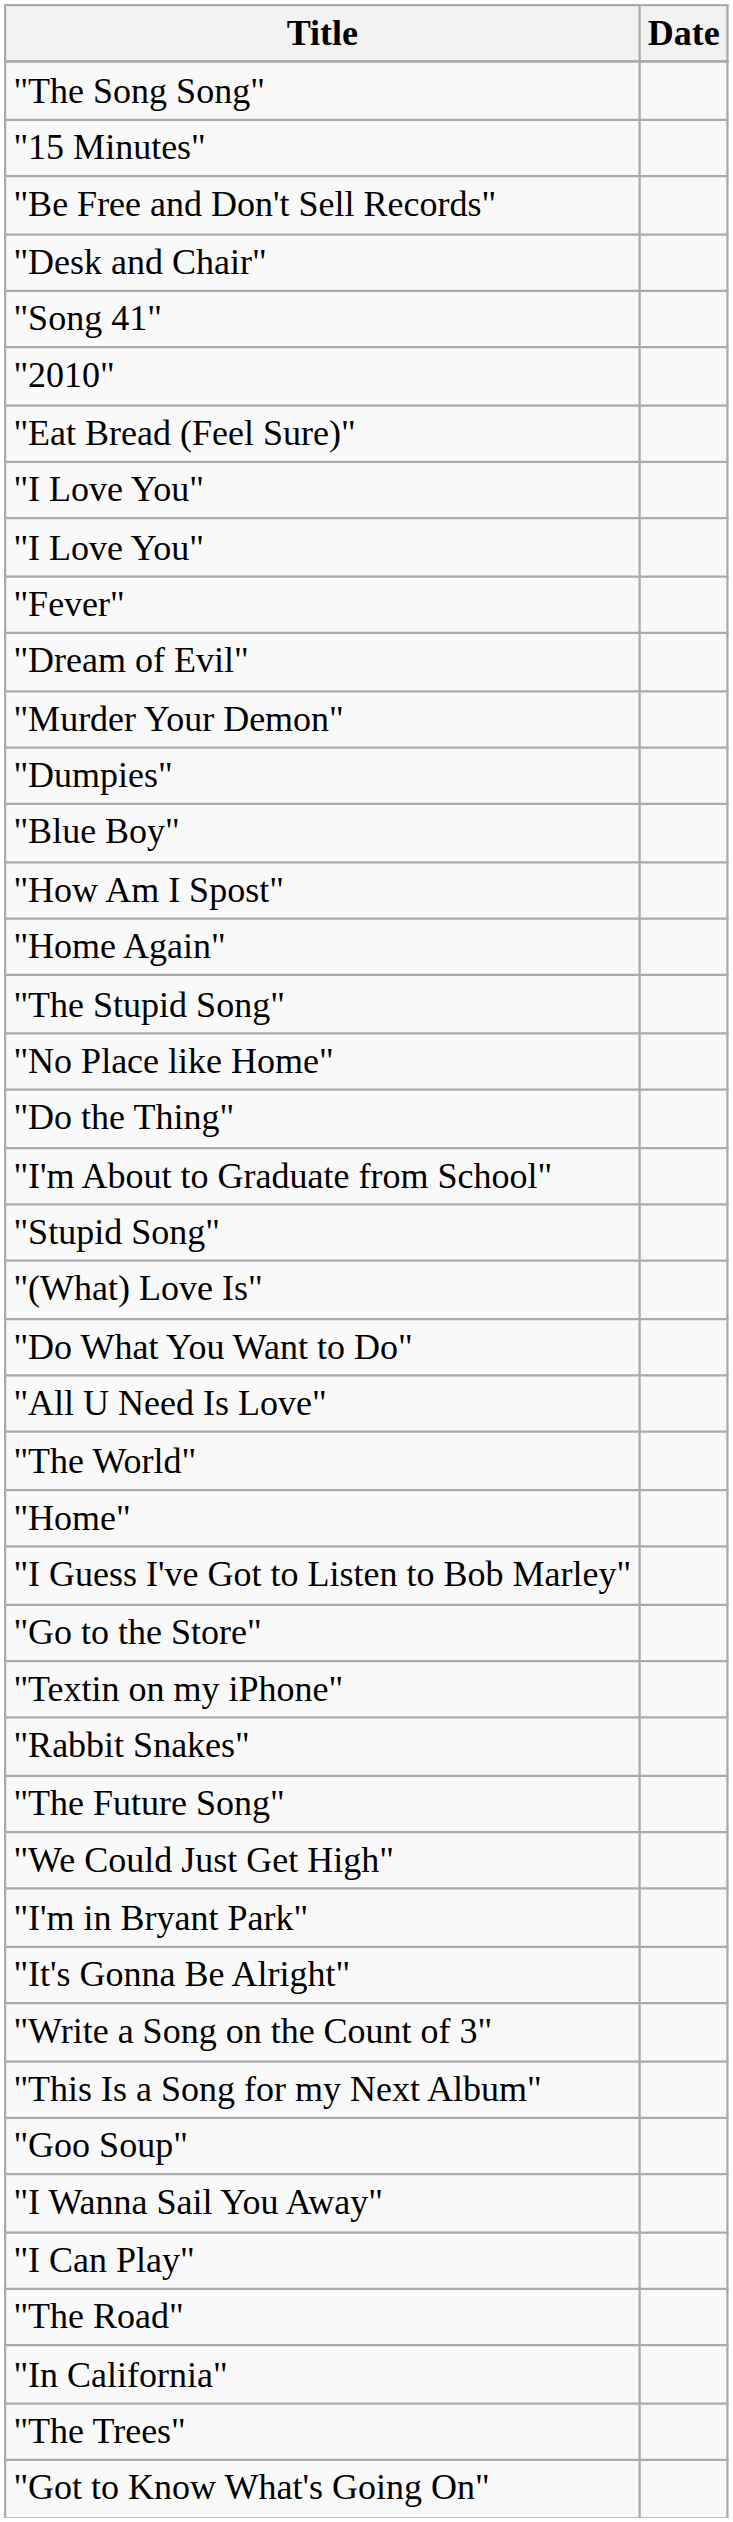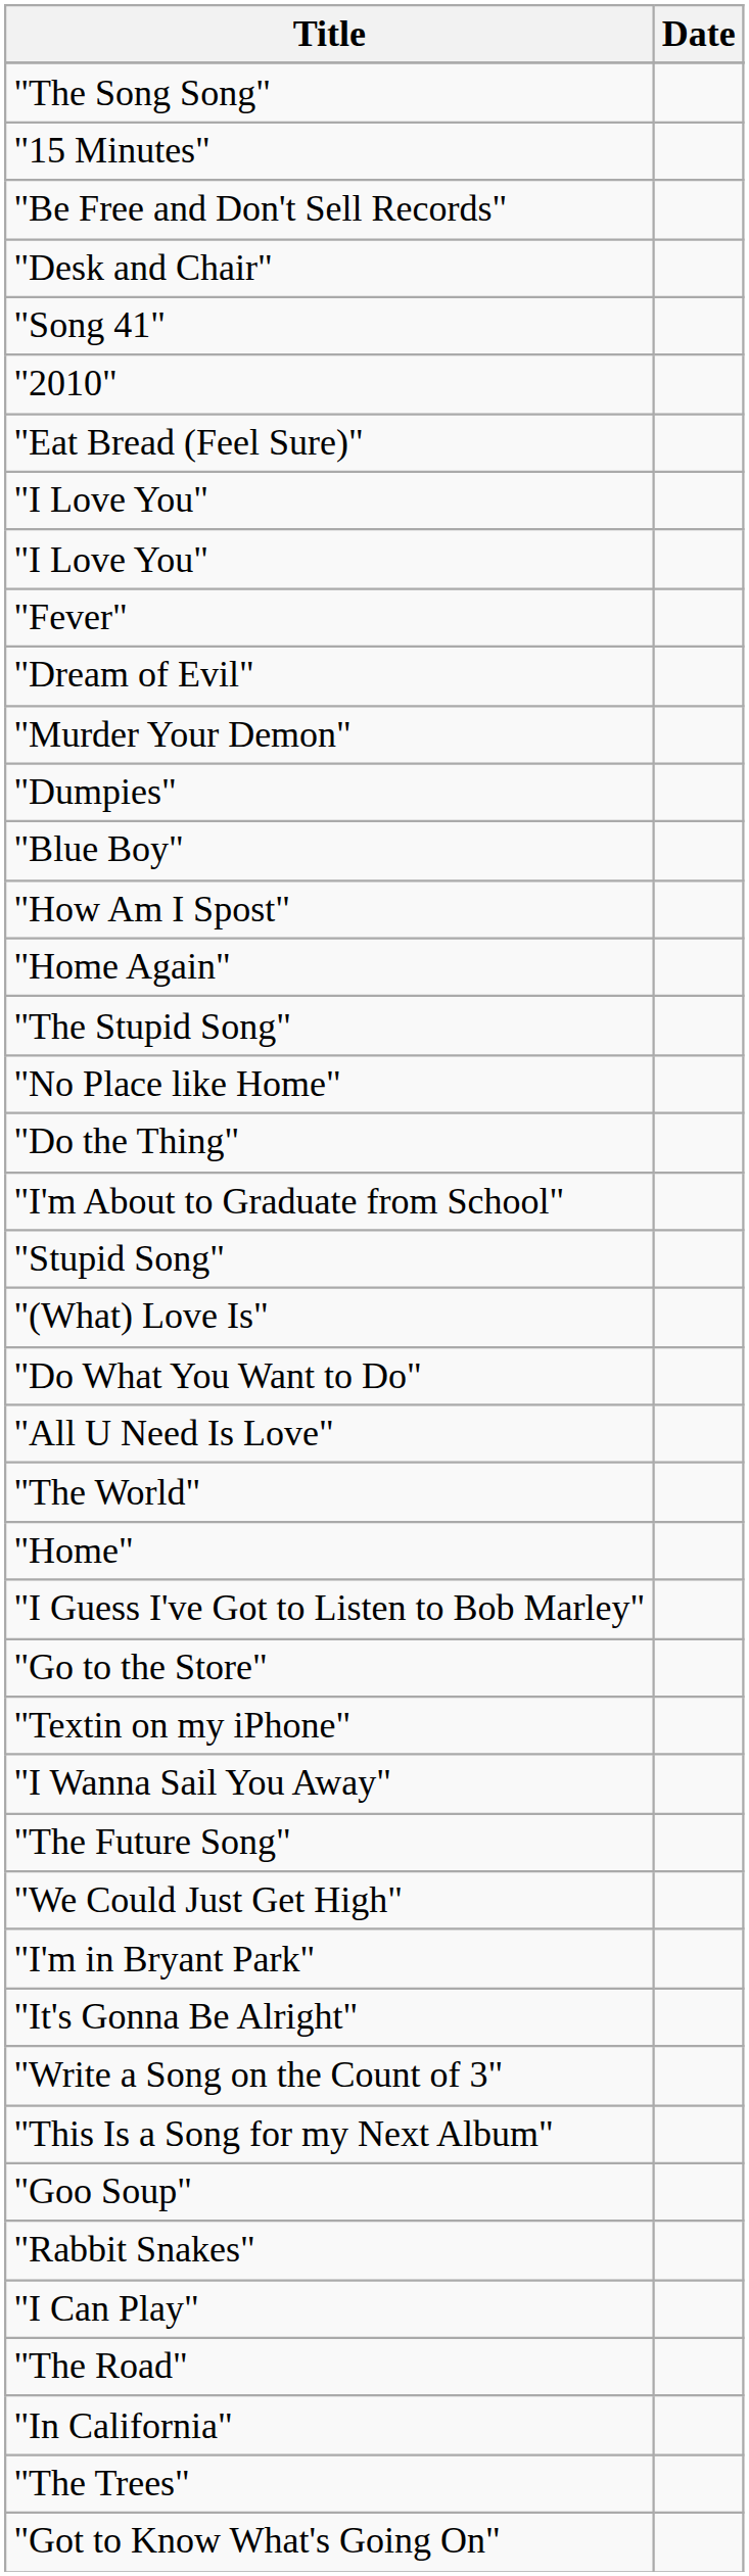 <table class="wikitable sortable mw-collapsible autocollapse">
 <tr>
 <th>Title</th>
 <th>Date</th>
 </tr>
 <tr>
 </tr>
 <tr>
 <td>"The Song Song"</td>
 <td></td>
 </tr>
 <tr>
 <td>"15 Minutes"</td>
 <td></td>
 </tr>
 <tr>
 <td>"Be Free and Don't Sell Records"</td>
 <td></td>
 </tr>
 <tr>
 <td>"Desk and Chair"</td>
 <td></td>
 </tr>
 <tr>
 <td>"Song 41"</td>
 <td></td>
 </tr>
 <tr>
 <td>"2010"</td>
 <td></td>
 </tr>
 <tr>
 <td>"Eat Bread (Feel Sure)"</td>
 <td></td>
 </tr>
 <tr>
 <td>"I Love You"</td>
 <td></td>
 </tr>
 <tr>
 <td>"I Love You"</td>
 <td></td>
 </tr>
 <tr>
 <td>"Fever"</td>
 <td></td>
 </tr>
 <tr>
 <td>"Dream of Evil"</td>
 <td></td>
 </tr>
 <tr>
 <td>"Murder Your Demon"</td>
 <td></td>
 </tr>
 <tr>
 <td>"Dumpies"</td>
 <td></td>
 </tr>
 <tr>
 <td>"Blue Boy"</td>
 <td></td>
 </tr>
 <tr>
 <td>"How Am I Spost"</td>
 <td></td>
 </tr>
 <tr>
 <td>"Home Again"</td>
 <td></td>
 </tr>
 <tr>
 <td>"The Stupid Song"</td>
 <td></td>
 </tr>
 <tr>
 <td>"No Place like Home"</td>
 <td></td>
 </tr>
 <tr>
 <td>"Do the Thing"</td>
 <td></td>
 </tr>
 <tr>
 <td>"I'm About to Graduate from School"</td>
 <td></td>
 </tr>
 <tr>
 <td>"Stupid Song"</td>
 <td></td>
 </tr>
 <tr>
 <td>"(What) Love Is"</td>
 <td></td>
 </tr>
 <tr>
 <td>"Do What You Want to Do"</td>
 <td></td>
 </tr>
 <tr>
 <td>"All U Need Is Love"</td>
 <td></td>
 </tr>
 <tr>
 <td>"The World"</td>
 <td></td>
 </tr>
 <tr>
 <td>"Home"</td>
 <td></td>
 </tr>
 <tr>
 <td>"I Guess I've Got to Listen to Bob Marley"</td>
 <td></td>
 </tr>
 <tr>
 <td>"Go to the Store"</td>
 <td></td>
 </tr>
 <tr>
 <td>"Textin on my iPhone"</td>
 <td></td>
 </tr>
 <tr>
-<td>"Rabbit Snakes"</td>
+<td>"I Wanna Sail You Away"</td>
 <td></td>
 </tr>
 <tr>
 <td>"The Future Song"</td>
 <td></td>
 </tr>
 <tr>
 <td>"We Could Just Get High"</td>
 <td></td>
 </tr>
 <tr>
 <td>"I'm in Bryant Park"</td>
 <td></td>
 </tr>
 <tr>
 <td>"It's Gonna Be Alright"</td>
 <td></td>
 </tr>
 <tr>
 <td>"Write a Song on the Count of 3"</td>
 <td></td>
 </tr>
 <tr>
 <td>"This Is a Song for my Next Album"</td>
 <td></td>
 </tr>
 <tr>
 <td>"Goo Soup"</td>
 <td></td>
 </tr>
 <tr>
-<td>"I Wanna Sail You Away"</td>
+<td>"Rabbit Snakes"</td>
 <td></td>
 </tr>
 <tr>
 <td>"I Can Play"</td>
 <td></td>
 </tr>
 <tr>
 <td>"The Road"</td>
 <td></td>
 </tr>
 <tr>
 <td>"In California"</td>
 <td></td>
 </tr>
 <tr>
 <td>"The Trees"</td>
 <td></td>
 </tr>
 <tr>
 <td>"Got to Know What's Going On"</td>
 <td></td>
 </tr>
 </table>
